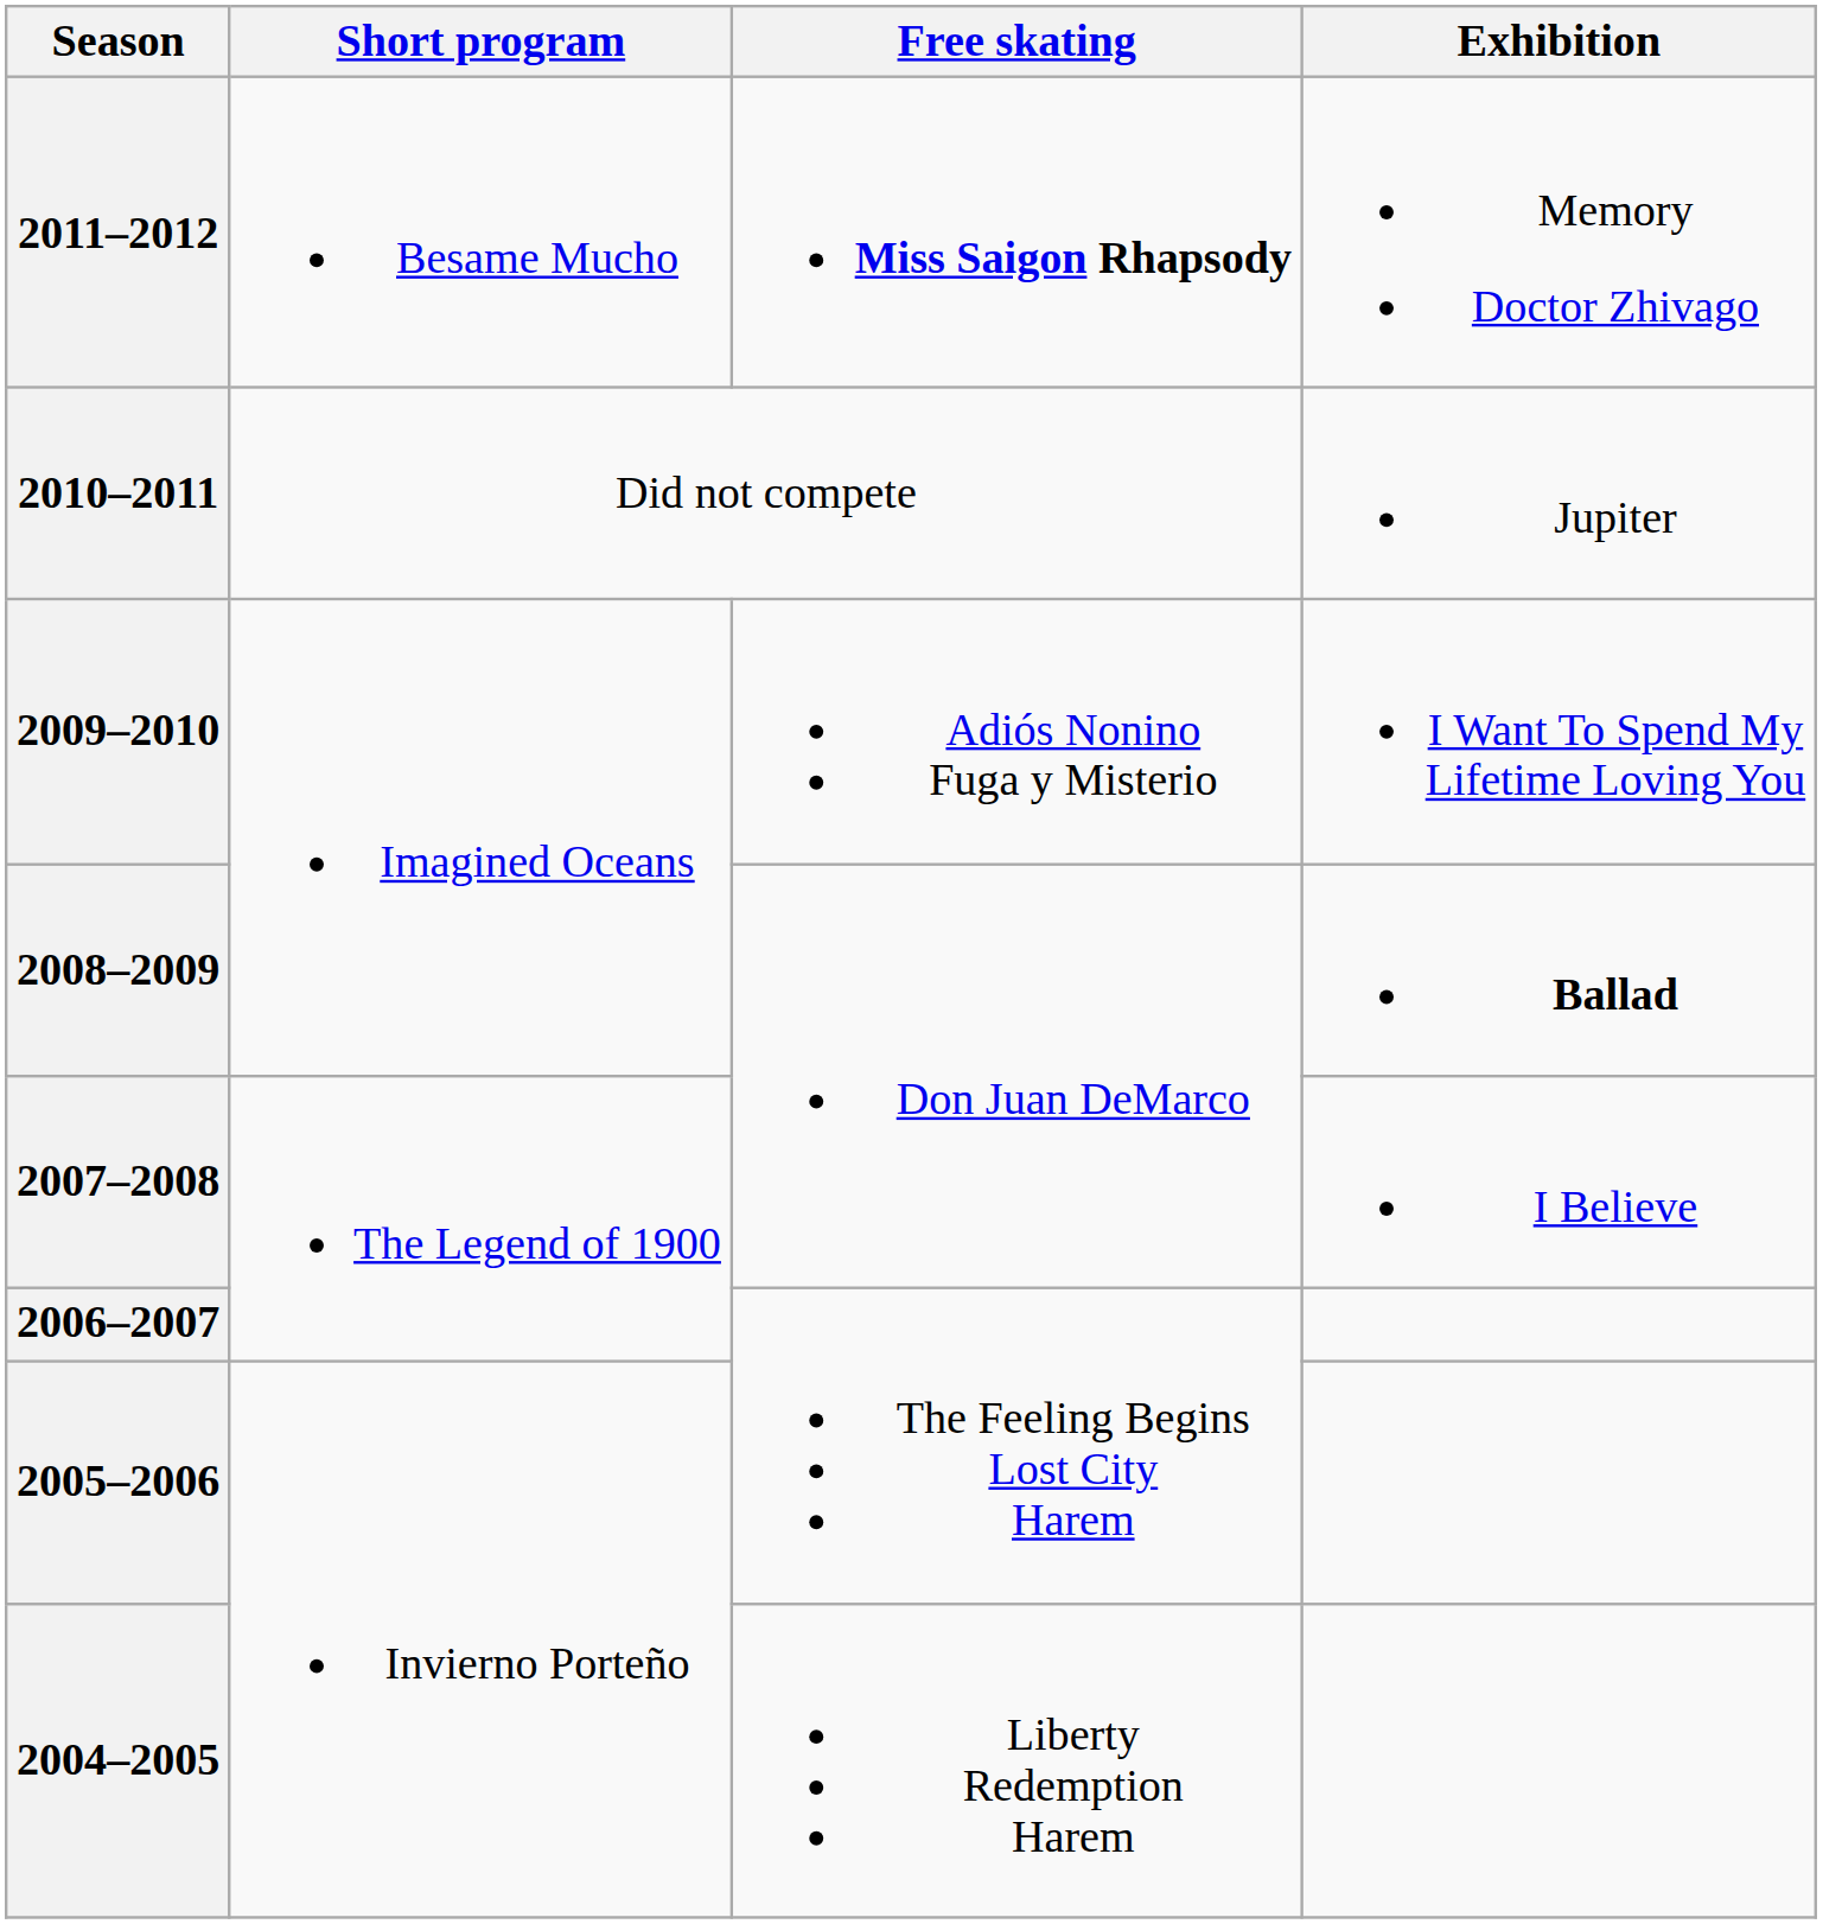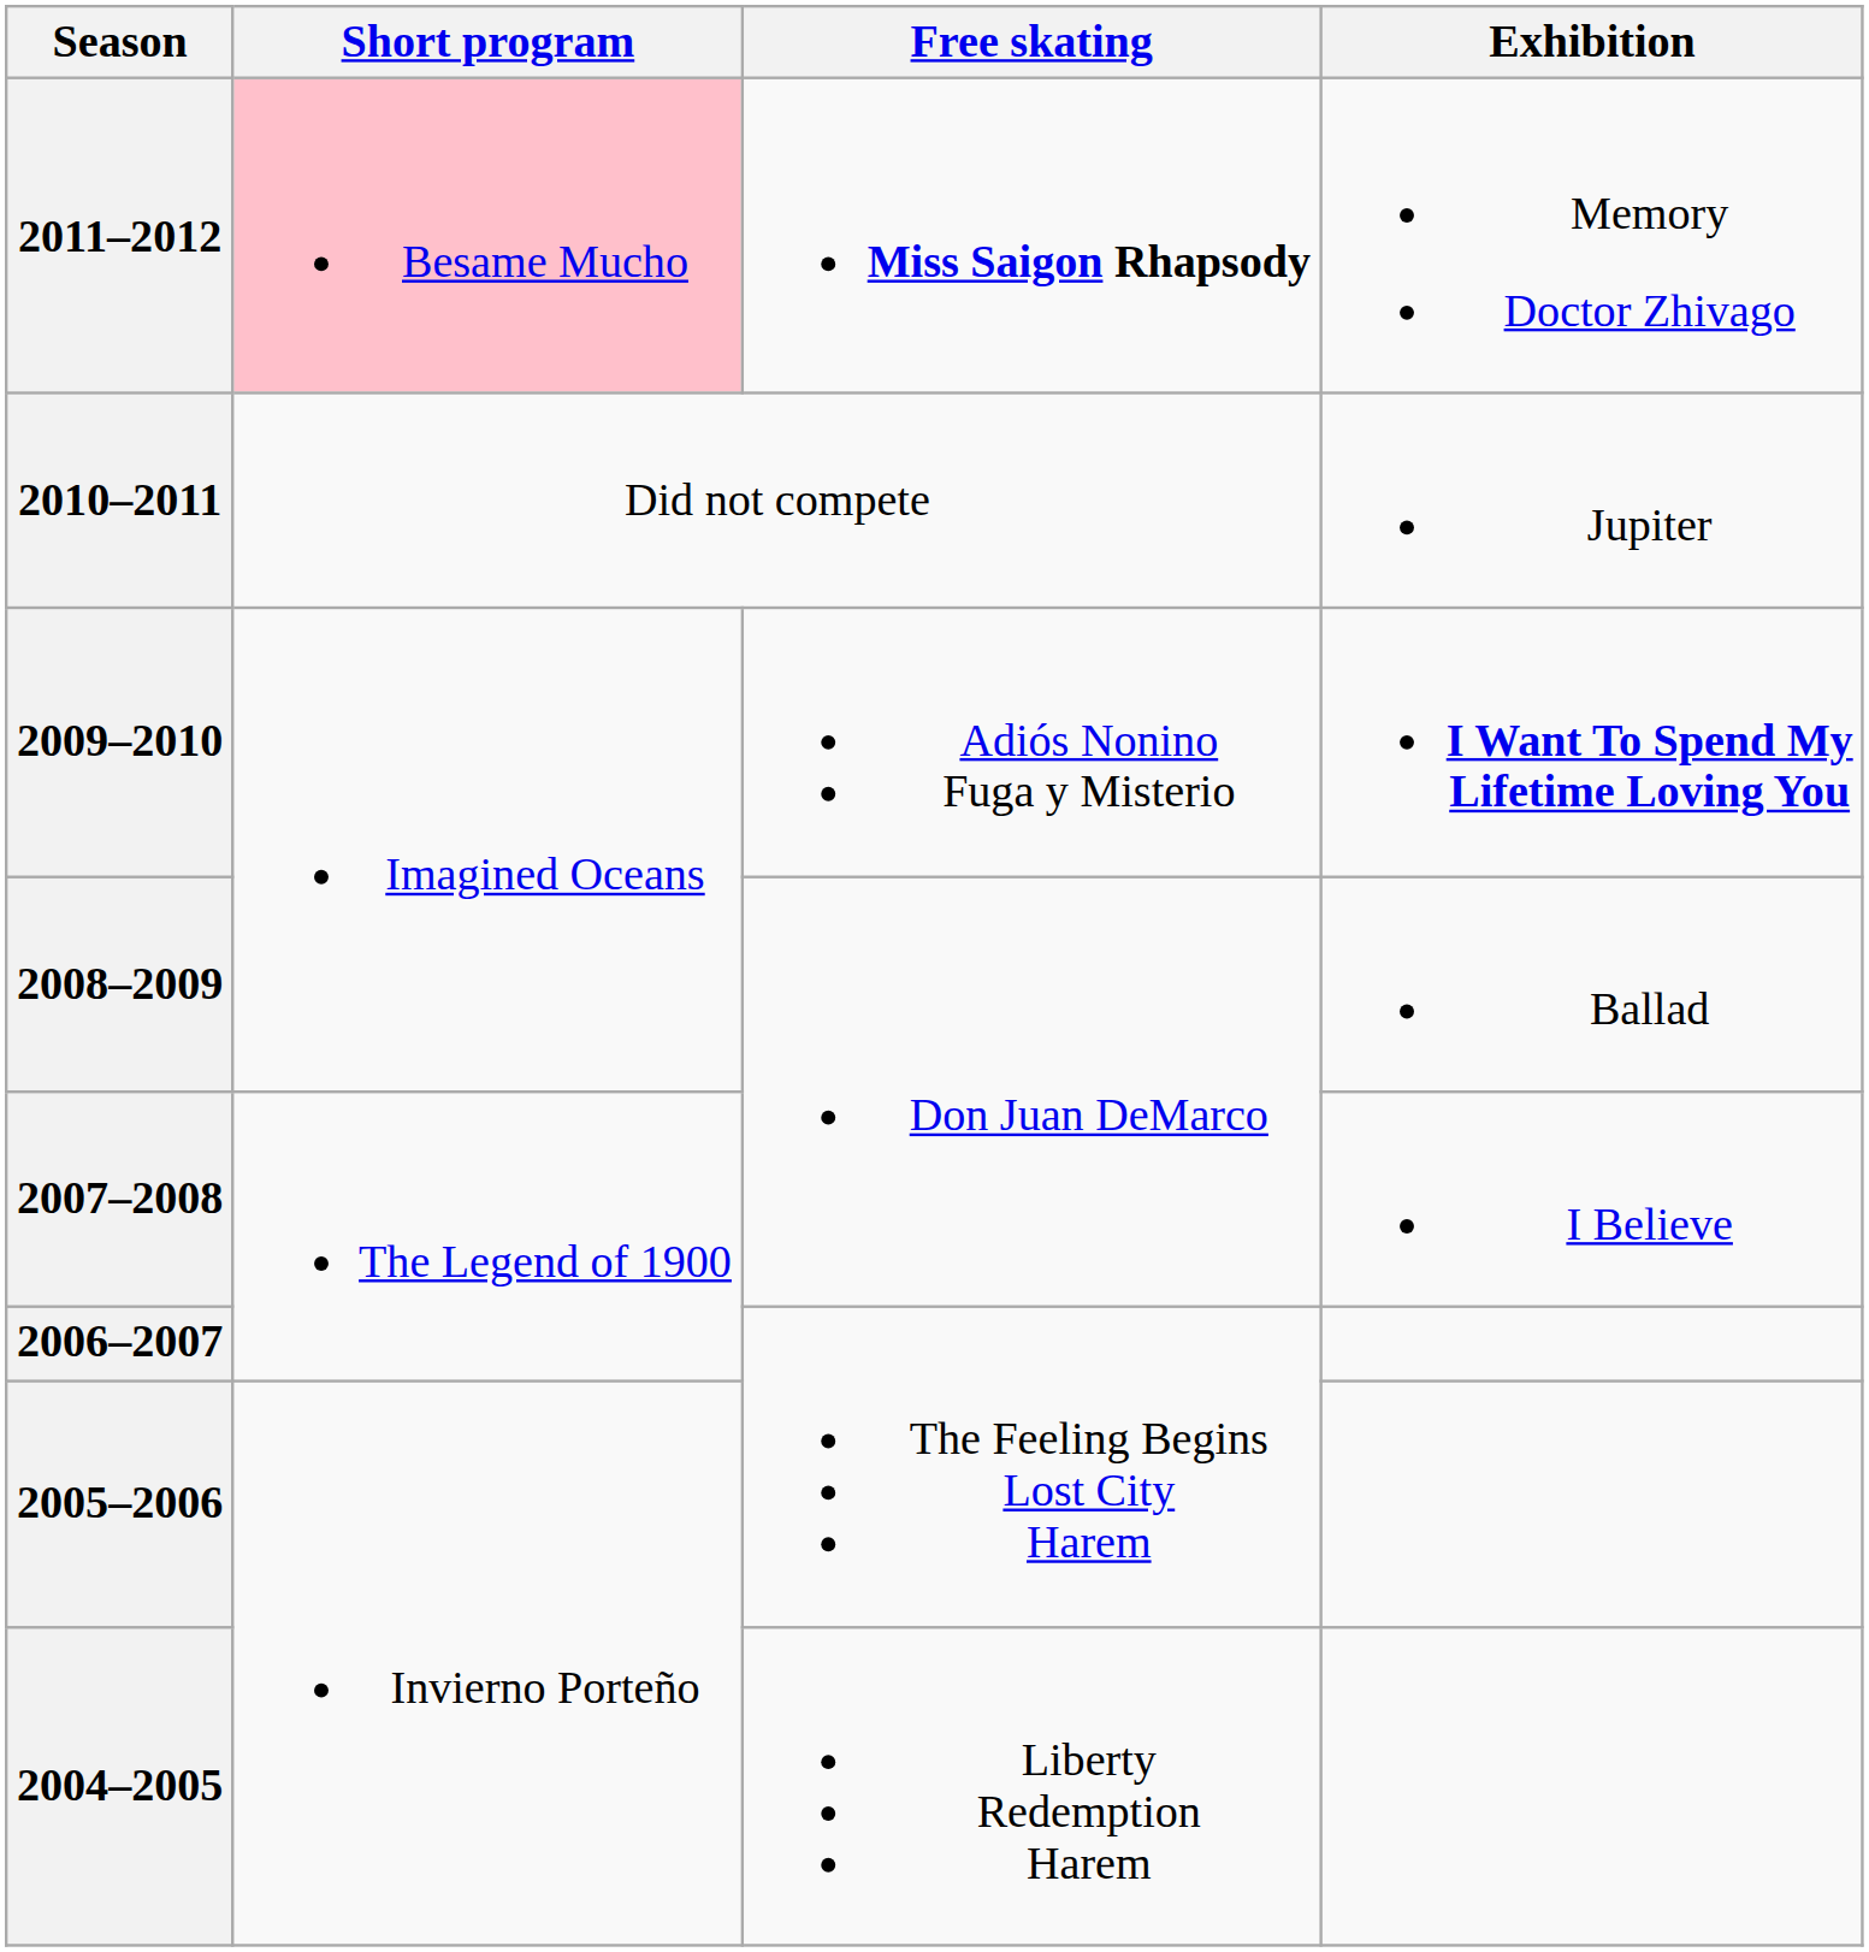 <table class="wikitable" style="text-align:center">
 <tr>
 <th>Season</th>
 <th><a href='#'>Short program</a></th>
 <th><a href='#'>Free skating</a></th>
 <th>Exhibition</th>
 </tr>
 <tr>
 <th>2011–2012 <br> </th>
-<td><br><ul><li><a href='#'>Besame Mucho</a> <br></li></ul></td>
+<td style="background: pink;"><br><ul><li><a href='#'>Besame Mucho</a> <br></li></ul></td>
 <td><strong><br><ul><li><a href='#'>Miss Saigon</a> Rhapsody <br></li></ul></strong></td>
 <td><br><ul><li>Memory <br></li></ul><ul><li><a href='#'>Doctor Zhivago</a> <br></li></ul></td>
 </tr>
 <tr>
 <th>2010–2011</th>
 <td colspan=2>Did not compete</td>
 <td><br><ul><li>Jupiter <br></li></ul></td>
 </tr>
 <tr>
 <th>2009–2010 <br> </th>
 <td rowspan=2><br><ul><li><a href='#'>Imagined Oceans</a> <br></li></ul></td>
 <td><br><ul><li><a href='#'>Adiós Nonino</a></li><li>Fuga y Misterio <br></li></ul></td>
-<td><br><ul><li><a href='#'>I Want To Spend My <br> Lifetime Loving You</a> <br></li></ul></td>
+<td><strong><br><ul><li><a href='#'>I Want To Spend My <br> Lifetime Loving You</a> <br></li></ul></strong></td>
 </tr>
 <tr>
 <th>2008–2009 <br> </th>
 <td rowspan=2><br><ul><li><a href='#'>Don Juan DeMarco</a> <br></li></ul></td>
-<td><strong><br><ul><li>Ballad <br></li></ul></strong></td>
+<td><br><ul><li>Ballad <br></li></ul></td>
 </tr>
 <tr>
 <th>2007–2008 <br> </th>
 <td rowspan=2><br><ul><li><a href='#'>The Legend of 1900</a> <br></li></ul></td>
 <td><br><ul><li><a href='#'>I Believe</a> <br></li></ul></td>
 </tr>
 <tr>
 <th>2006–2007 <br> </th>
 <td rowspan=2><br><ul><li>The Feeling Begins <br></li><li><a href='#'>Lost City</a> <br></li><li><a href='#'>Harem</a> <br></li></ul></td>
 <td></td>
 </tr>
 <tr>
 <th>2005–2006 <br> </th>
 <td rowspan=2><br><ul><li>Invierno Porteño <br></li></ul></td>
 <td></td>
 </tr>
 <tr>
 <th>2004–2005 <br> </th>
 <td><br><ul><li>Liberty <br></li><li>Redemption <br></li><li>Harem <br> </li></ul></td>
 <td></td>
 </tr>
 </table>
